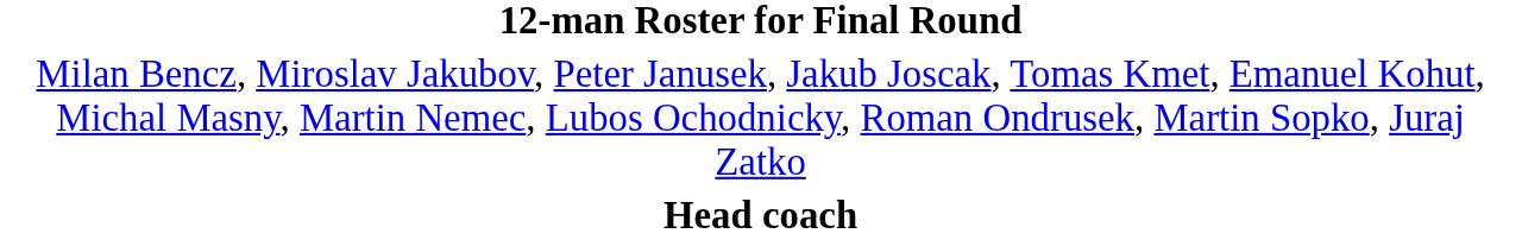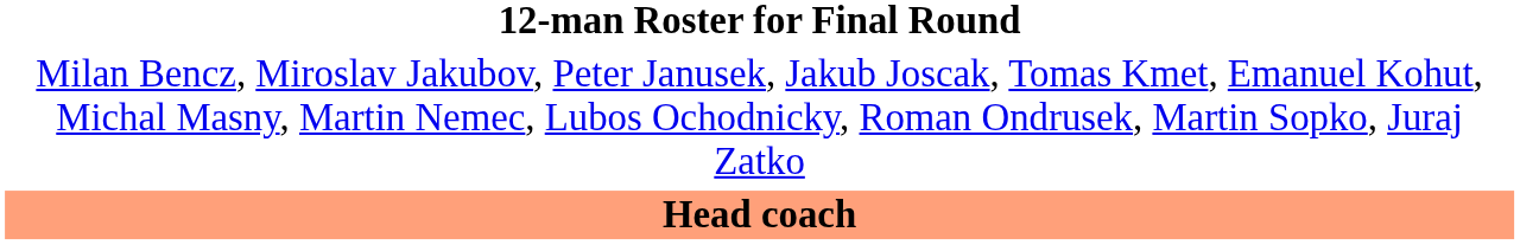 <table style="text-align: center; margin-top: 2em; margin-left: auto; margin-right: auto">
 <tr>
 <td><strong>12-man Roster for Final Round</strong></td>
 </tr>
 <tr>
 <td><a href='#'>Milan Bencz</a>, <a href='#'>Miroslav Jakubov</a>, <a href='#'>Peter Janusek</a>, <a href='#'>Jakub Joscak</a>, <a href='#'>Tomas Kmet</a>, <a href='#'>Emanuel Kohut</a>, <a href='#'>Michal Masny</a>, <a href='#'>Martin Nemec</a>, <a href='#'>Lubos Ochodnicky</a>, <a href='#'>Roman Ondrusek</a>, <a href='#'>Martin Sopko</a>, <a href='#'>Juraj Zatko</a></td>
 </tr>
 <tr>
-<td><strong>Head coach</strong></td>
+<td style="background: lightsalmon;"><strong>Head coach</strong></td>
 </tr>
 <tr>
 <td></td>
 </tr>
 </table>
